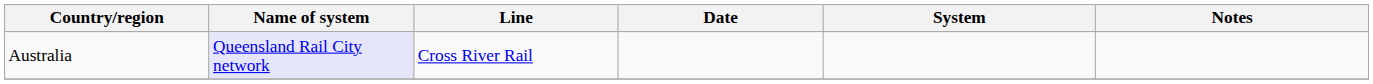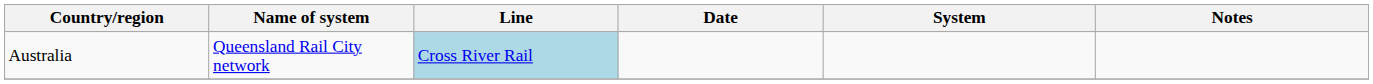 <table class="wikitable sortable" style="width:100%">
 <tr>
 <th style="width:15%">Country/region</th>
 <th style="width:15%">Name of system</th>
 <th style="width:15%">Line</th>
 <th style="width:15%">Date</th>
 <th style="width:20%">System</th>
 <th style="width:20%">Notes</th>
 </tr>
 <tr>
 <td> Australia</td>
-<td style="background: lavender;"><a href='#'>Queensland Rail City network</a></td>
-<td><a href='#'>Cross River Rail</a></td>
+<td><a href='#'>Queensland Rail City network</a></td>
+<td style="background: lightblue;"><a href='#'>Cross River Rail</a></td>
 <td></td>
 <td></td>
 <td></td>
 </tr>
 <tr>
 </tr>
 </table>
